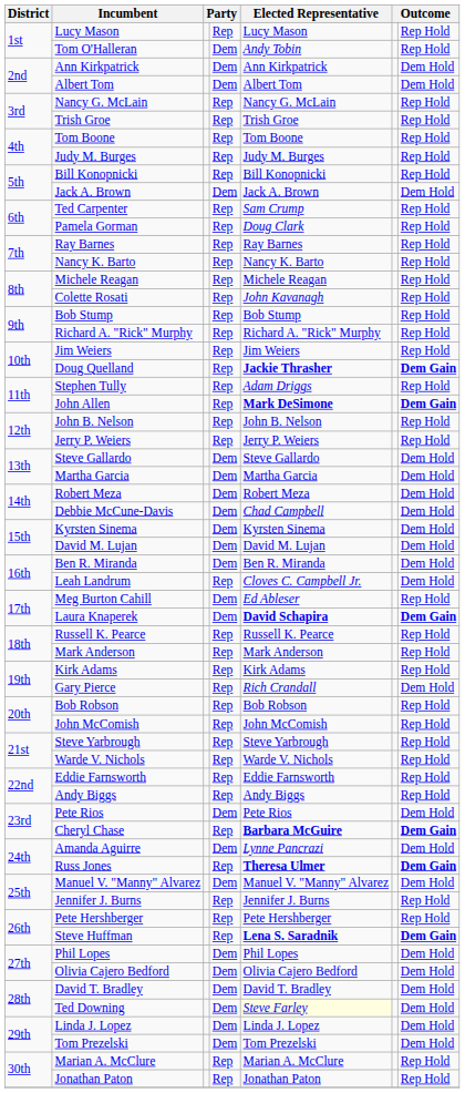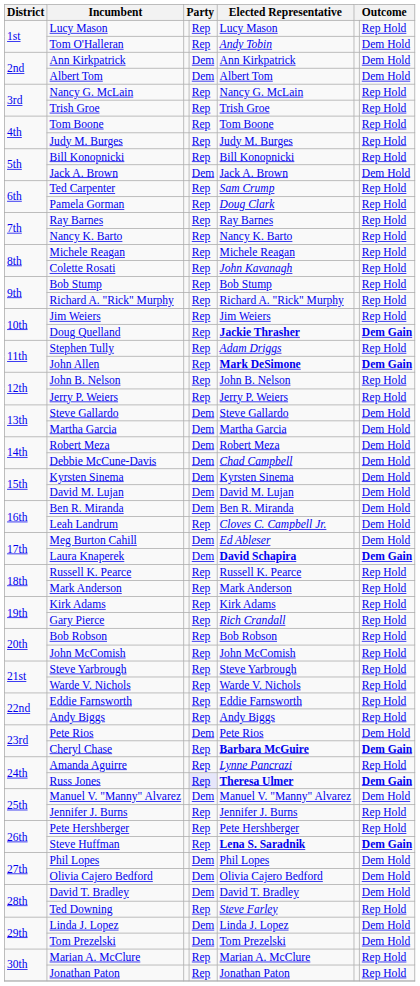 <table class="sortable wikitable" style="font-size:95%;line-height:14px;">
 <tr>
 <th>District</th>
 <th>Incumbent</th>
 <th colspan="2">Party</th>
 <th>Elected Representative</th>
 <th colspan="2">Outcome</th>
 </tr>
 <tr>
 <td rowspan="2"><a href='#'>1st</a></td>
 <td><a href='#'>Lucy Mason</a></td>
 <td style="background:"></td>
 <td><a href='#'>Rep</a></td>
 <td><a href='#'>Lucy Mason</a></td>
 <td style="background:"></td>
 <td><a href='#'>Rep Hold</a></td>
 </tr>
 <tr>
 <td><a href='#'>Tom O'Halleran</a></td>
 <td style="background:"></td>
-<td><a href='#'>Dem</a></td>
+<td><a href='#'>Rep</a></td>
 <td><em><a href='#'>Andy Tobin</a></em></td>
 <td style="background:"></td>
-<td><a href='#'>Rep Hold</a></td>
+<td><a href='#'>Dem Hold</a></td>
 </tr>
 <tr>
 <td rowspan="2"><a href='#'>2nd</a></td>
 <td><a href='#'>Ann Kirkpatrick</a></td>
 <td style="background:"></td>
 <td><a href='#'>Dem</a></td>
 <td><a href='#'>Ann Kirkpatrick</a></td>
 <td style="background:"></td>
 <td><a href='#'>Dem Hold</a></td>
 </tr>
 <tr>
 <td><a href='#'>Albert Tom</a></td>
 <td style="background:"></td>
 <td><a href='#'>Dem</a></td>
 <td><a href='#'>Albert Tom</a></td>
 <td style="background:"></td>
 <td><a href='#'>Dem Hold</a></td>
 </tr>
 <tr>
 <td rowspan="2"><a href='#'>3rd</a></td>
 <td><a href='#'>Nancy G. McLain</a></td>
 <td style="background:"></td>
 <td><a href='#'>Rep</a></td>
 <td><a href='#'>Nancy G. McLain</a></td>
 <td style="background:"></td>
 <td><a href='#'>Rep Hold</a></td>
 </tr>
 <tr>
 <td><a href='#'>Trish Groe</a></td>
 <td style="background:"></td>
 <td><a href='#'>Rep</a></td>
 <td><a href='#'>Trish Groe</a></td>
 <td style="background:"></td>
 <td><a href='#'>Rep Hold</a></td>
 </tr>
 <tr>
 <td rowspan="2"><a href='#'>4th</a></td>
 <td><a href='#'>Tom Boone</a></td>
 <td style="background:"></td>
 <td><a href='#'>Rep</a></td>
 <td><a href='#'>Tom Boone</a></td>
 <td style="background:"></td>
 <td><a href='#'>Rep Hold</a></td>
 </tr>
 <tr>
 <td><a href='#'>Judy M. Burges</a></td>
 <td style="background:"></td>
 <td><a href='#'>Rep</a></td>
 <td><a href='#'>Judy M. Burges</a></td>
 <td style="background:"></td>
 <td><a href='#'>Rep Hold</a></td>
 </tr>
 <tr>
 <td rowspan="2"><a href='#'>5th</a></td>
 <td><a href='#'>Bill Konopnicki</a></td>
 <td style="background:"></td>
 <td><a href='#'>Rep</a></td>
 <td><a href='#'>Bill Konopnicki</a></td>
 <td style="background:"></td>
 <td><a href='#'>Rep Hold</a></td>
 </tr>
 <tr>
 <td><a href='#'>Jack A. Brown</a></td>
 <td style="background:"></td>
 <td><a href='#'>Dem</a></td>
 <td><a href='#'>Jack A. Brown</a></td>
 <td style="background:"></td>
 <td><a href='#'>Dem Hold</a></td>
 </tr>
 <tr>
 <td rowspan="2"><a href='#'>6th</a></td>
 <td><a href='#'>Ted Carpenter</a></td>
 <td style="background:"></td>
 <td><a href='#'>Rep</a></td>
 <td><em><a href='#'>Sam Crump</a></em></td>
 <td style="background:"></td>
 <td><a href='#'>Rep Hold</a></td>
 </tr>
 <tr>
 <td><a href='#'>Pamela Gorman</a></td>
 <td style="background:"></td>
 <td><a href='#'>Rep</a></td>
 <td><em><a href='#'>Doug Clark</a></em></td>
 <td style="background:"></td>
 <td><a href='#'>Rep Hold</a></td>
 </tr>
 <tr>
 <td rowspan="2"><a href='#'>7th</a></td>
 <td><a href='#'>Ray Barnes</a></td>
 <td style="background:"></td>
 <td><a href='#'>Rep</a></td>
 <td><a href='#'>Ray Barnes</a></td>
 <td style="background:"></td>
 <td><a href='#'>Rep Hold</a></td>
 </tr>
 <tr>
 <td><a href='#'>Nancy K. Barto</a></td>
 <td style="background:"></td>
 <td><a href='#'>Rep</a></td>
 <td><a href='#'>Nancy K. Barto</a></td>
 <td style="background:"></td>
 <td><a href='#'>Rep Hold</a></td>
 </tr>
 <tr>
 <td rowspan="2"><a href='#'>8th</a></td>
 <td><a href='#'>Michele Reagan</a></td>
 <td style="background:"></td>
 <td><a href='#'>Rep</a></td>
 <td><a href='#'>Michele Reagan</a></td>
 <td style="background:"></td>
 <td><a href='#'>Rep Hold</a></td>
 </tr>
 <tr>
 <td><a href='#'>Colette Rosati</a></td>
 <td style="background:"></td>
 <td><a href='#'>Rep</a></td>
 <td><em><a href='#'>John Kavanagh</a></em></td>
 <td style="background:"></td>
 <td><a href='#'>Rep Hold</a></td>
 </tr>
 <tr>
 <td rowspan="2"><a href='#'>9th</a></td>
 <td><a href='#'>Bob Stump</a></td>
 <td style="background:"></td>
 <td><a href='#'>Rep</a></td>
 <td><a href='#'>Bob Stump</a></td>
 <td style="background:"></td>
 <td><a href='#'>Rep Hold</a></td>
 </tr>
 <tr>
 <td><a href='#'>Richard A. "Rick" Murphy</a></td>
 <td style="background:"></td>
 <td><a href='#'>Rep</a></td>
 <td><a href='#'>Richard A. "Rick" Murphy</a></td>
 <td style="background:"></td>
 <td><a href='#'>Rep Hold</a></td>
 </tr>
 <tr>
 <td rowspan="2"><a href='#'>10th</a></td>
 <td><a href='#'>Jim Weiers</a></td>
 <td style="background:"></td>
 <td><a href='#'>Rep</a></td>
 <td><a href='#'>Jim Weiers</a></td>
 <td style="background:"></td>
 <td><a href='#'>Rep Hold</a></td>
 </tr>
 <tr>
 <td><a href='#'>Doug Quelland</a></td>
 <td style="background:"></td>
 <td><a href='#'>Rep</a></td>
 <td><strong><a href='#'>Jackie Thrasher</a></strong></td>
 <td style="background:"></td>
 <td><strong><a href='#'>Dem Gain</a></strong></td>
 </tr>
 <tr>
 <td rowspan="2"><a href='#'>11th</a></td>
 <td><a href='#'>Stephen Tully</a></td>
 <td style="background:"></td>
 <td><a href='#'>Rep</a></td>
 <td><em><a href='#'>Adam Driggs</a></em></td>
 <td style="background:"></td>
 <td><a href='#'>Rep Hold</a></td>
 </tr>
 <tr>
 <td><a href='#'>John Allen</a></td>
 <td style="background:"></td>
 <td><a href='#'>Rep</a></td>
 <td><strong><a href='#'>Mark DeSimone</a></strong></td>
 <td style="background:"></td>
 <td><strong><a href='#'>Dem Gain</a></strong></td>
 </tr>
 <tr>
 <td rowspan="2"><a href='#'>12th</a></td>
 <td><a href='#'>John B. Nelson</a></td>
 <td style="background:"></td>
 <td><a href='#'>Rep</a></td>
 <td><a href='#'>John B. Nelson</a></td>
 <td style="background:"></td>
 <td><a href='#'>Rep Hold</a></td>
 </tr>
 <tr>
 <td><a href='#'>Jerry P. Weiers</a></td>
 <td style="background:"></td>
 <td><a href='#'>Rep</a></td>
 <td><a href='#'>Jerry P. Weiers</a></td>
 <td style="background:"></td>
 <td><a href='#'>Rep Hold</a></td>
 </tr>
 <tr>
 <td rowspan="2"><a href='#'>13th</a></td>
 <td><a href='#'>Steve Gallardo</a></td>
 <td style="background:"></td>
 <td><a href='#'>Dem</a></td>
 <td><a href='#'>Steve Gallardo</a></td>
 <td style="background:"></td>
 <td><a href='#'>Dem Hold</a></td>
 </tr>
 <tr>
 <td><a href='#'>Martha Garcia</a></td>
 <td style="background:"></td>
 <td><a href='#'>Dem</a></td>
 <td><a href='#'>Martha Garcia</a></td>
 <td style="background:"></td>
 <td><a href='#'>Dem Hold</a></td>
 </tr>
 <tr>
 <td rowspan="2"><a href='#'>14th</a></td>
 <td><a href='#'>Robert Meza</a></td>
 <td style="background:"></td>
 <td><a href='#'>Dem</a></td>
 <td><a href='#'>Robert Meza</a></td>
 <td style="background:"></td>
 <td><a href='#'>Dem Hold</a></td>
 </tr>
 <tr>
 <td><a href='#'>Debbie McCune-Davis</a></td>
 <td style="background:"></td>
 <td><a href='#'>Dem</a></td>
 <td><em><a href='#'>Chad Campbell</a></em></td>
 <td style="background:"></td>
 <td><a href='#'>Dem Hold</a></td>
 </tr>
 <tr>
 <td rowspan="2"><a href='#'>15th</a></td>
 <td><a href='#'>Kyrsten Sinema</a></td>
 <td style="background:"></td>
 <td><a href='#'>Dem</a></td>
 <td><a href='#'>Kyrsten Sinema</a></td>
 <td style="background:"></td>
 <td><a href='#'>Dem Hold</a></td>
 </tr>
 <tr>
 <td><a href='#'>David M. Lujan</a></td>
 <td style="background:"></td>
 <td><a href='#'>Dem</a></td>
 <td><a href='#'>David M. Lujan</a></td>
 <td style="background:"></td>
 <td><a href='#'>Dem Hold</a></td>
 </tr>
 <tr>
 <td rowspan="2"><a href='#'>16th</a></td>
 <td><a href='#'>Ben R. Miranda</a></td>
 <td style="background:"></td>
 <td><a href='#'>Dem</a></td>
 <td><a href='#'>Ben R. Miranda</a></td>
 <td style="background:"></td>
 <td><a href='#'>Dem Hold</a></td>
 </tr>
 <tr>
 <td><a href='#'>Leah Landrum</a></td>
 <td style="background:"></td>
 <td><a href='#'>Rep</a></td>
 <td><em><a href='#'>Cloves C. Campbell Jr.</a></em></td>
 <td style="background:"></td>
 <td><a href='#'>Dem Hold</a></td>
 </tr>
 <tr>
 <td rowspan="2"><a href='#'>17th</a></td>
 <td><a href='#'>Meg Burton Cahill</a></td>
 <td style="background:"></td>
 <td><a href='#'>Dem</a></td>
 <td><em><a href='#'>Ed Ableser</a></em></td>
 <td style="background:"></td>
-<td><a href='#'>Rep Hold</a></td>
+<td><a href='#'>Dem Hold</a></td>
 </tr>
 <tr>
 <td><a href='#'>Laura Knaperek</a></td>
 <td style="background:"></td>
 <td><a href='#'>Dem</a></td>
 <td><strong><a href='#'>David Schapira</a></strong></td>
 <td style="background:"></td>
 <td><strong><a href='#'>Dem Gain</a></strong></td>
 </tr>
 <tr>
 <td rowspan="2"><a href='#'>18th</a></td>
 <td><a href='#'>Russell K. Pearce</a></td>
 <td style="background:"></td>
 <td><a href='#'>Rep</a></td>
 <td><a href='#'>Russell K. Pearce</a></td>
 <td style="background:"></td>
 <td><a href='#'>Rep Hold</a></td>
 </tr>
 <tr>
 <td><a href='#'>Mark Anderson</a></td>
 <td style="background:"></td>
 <td><a href='#'>Rep</a></td>
 <td><a href='#'>Mark Anderson</a></td>
 <td style="background:"></td>
 <td><a href='#'>Rep Hold</a></td>
 </tr>
 <tr>
 <td rowspan="2"><a href='#'>19th</a></td>
 <td><a href='#'>Kirk Adams</a></td>
 <td style="background:"></td>
 <td><a href='#'>Rep</a></td>
 <td><a href='#'>Kirk Adams</a></td>
 <td style="background:"></td>
 <td><a href='#'>Rep Hold</a></td>
 </tr>
 <tr>
 <td><a href='#'>Gary Pierce</a></td>
 <td style="background:"></td>
 <td><a href='#'>Rep</a></td>
 <td><em><a href='#'>Rich Crandall</a></em></td>
 <td style="background:"></td>
-<td><a href='#'>Dem Hold</a></td>
+<td><a href='#'>Rep Hold</a></td>
 </tr>
 <tr>
 <td rowspan="2"><a href='#'>20th</a></td>
 <td><a href='#'>Bob Robson</a></td>
 <td style="background:"></td>
 <td><a href='#'>Rep</a></td>
 <td><a href='#'>Bob Robson</a></td>
 <td style="background:"></td>
 <td><a href='#'>Rep Hold</a></td>
 </tr>
 <tr>
 <td><a href='#'>John McComish</a></td>
 <td style="background:"></td>
 <td><a href='#'>Rep</a></td>
 <td><a href='#'>John McComish</a></td>
 <td style="background:"></td>
 <td><a href='#'>Rep Hold</a></td>
 </tr>
 <tr>
 <td rowspan="2"><a href='#'>21st</a></td>
 <td><a href='#'>Steve Yarbrough</a></td>
 <td style="background:"></td>
 <td><a href='#'>Rep</a></td>
 <td><a href='#'>Steve Yarbrough</a></td>
 <td style="background:"></td>
 <td><a href='#'>Rep Hold</a></td>
 </tr>
 <tr>
 <td><a href='#'>Warde V. Nichols</a></td>
 <td style="background:"></td>
 <td><a href='#'>Rep</a></td>
 <td><a href='#'>Warde V. Nichols</a></td>
 <td style="background:"></td>
 <td><a href='#'>Rep Hold</a></td>
 </tr>
 <tr>
 <td rowspan="2"><a href='#'>22nd</a></td>
 <td><a href='#'>Eddie Farnsworth</a></td>
 <td style="background:"></td>
 <td><a href='#'>Rep</a></td>
 <td><a href='#'>Eddie Farnsworth</a></td>
 <td style="background:"></td>
 <td><a href='#'>Rep Hold</a></td>
 </tr>
 <tr>
 <td><a href='#'>Andy Biggs</a></td>
 <td style="background:"></td>
 <td><a href='#'>Rep</a></td>
 <td><a href='#'>Andy Biggs</a></td>
 <td style="background:"></td>
 <td><a href='#'>Rep Hold</a></td>
 </tr>
 <tr>
 <td rowspan="2"><a href='#'>23rd</a></td>
 <td><a href='#'>Pete Rios</a></td>
 <td style="background:"></td>
 <td><a href='#'>Dem</a></td>
 <td><a href='#'>Pete Rios</a></td>
 <td style="background:"></td>
 <td><a href='#'>Dem Hold</a></td>
 </tr>
 <tr>
 <td><a href='#'>Cheryl Chase</a></td>
 <td style="background:"></td>
 <td><a href='#'>Rep</a></td>
 <td><strong><a href='#'>Barbara McGuire</a></strong></td>
 <td style="background:"></td>
 <td><strong><a href='#'>Dem Gain</a></strong></td>
 </tr>
 <tr>
 <td rowspan="2"><a href='#'>24th</a></td>
 <td><a href='#'>Amanda Aguirre</a></td>
 <td style="background:"></td>
-<td><a href='#'>Dem</a></td>
+<td><a href='#'>Rep</a></td>
 <td><em><a href='#'>Lynne Pancrazi</a></em></td>
 <td style="background:"></td>
-<td><a href='#'>Dem Hold</a></td>
+<td><a href='#'>Rep Hold</a></td>
 </tr>
 <tr>
 <td><a href='#'>Russ Jones</a></td>
 <td style="background:"></td>
-<td><a href='#'>Rep</a></td>
+<td style="background: lavender;"><a href='#'>Rep</a></td>
 <td><strong><a href='#'>Theresa Ulmer</a></strong></td>
 <td style="background:"></td>
 <td><strong><a href='#'>Dem Gain</a></strong></td>
 </tr>
 <tr>
 <td rowspan="2"><a href='#'>25th</a></td>
 <td><a href='#'>Manuel V. "Manny" Alvarez</a></td>
 <td style="background:"></td>
 <td><a href='#'>Dem</a></td>
 <td><a href='#'>Manuel V. "Manny" Alvarez</a></td>
 <td style="background:"></td>
 <td><a href='#'>Dem Hold</a></td>
 </tr>
 <tr>
 <td><a href='#'>Jennifer J. Burns</a></td>
 <td style="background:"></td>
 <td><a href='#'>Rep</a></td>
 <td><a href='#'>Jennifer J. Burns</a></td>
 <td style="background:"></td>
 <td><a href='#'>Rep Hold</a></td>
 </tr>
 <tr>
 <td rowspan="2"><a href='#'>26th</a></td>
 <td><a href='#'>Pete Hershberger</a></td>
 <td style="background:"></td>
 <td><a href='#'>Rep</a></td>
 <td><a href='#'>Pete Hershberger</a></td>
 <td style="background:"></td>
 <td><a href='#'>Rep Hold</a></td>
 </tr>
 <tr>
 <td><a href='#'>Steve Huffman</a></td>
 <td style="background:"></td>
 <td><a href='#'>Rep</a></td>
 <td><strong><a href='#'>Lena S. Saradnik</a></strong></td>
 <td style="background:"></td>
 <td><strong><a href='#'>Dem Gain</a></strong></td>
 </tr>
 <tr>
 <td rowspan="2"><a href='#'>27th</a></td>
 <td><a href='#'>Phil Lopes</a></td>
 <td style="background:"></td>
 <td><a href='#'>Dem</a></td>
 <td><a href='#'>Phil Lopes</a></td>
 <td style="background:"></td>
 <td><a href='#'>Dem Hold</a></td>
 </tr>
 <tr>
 <td><a href='#'>Olivia Cajero Bedford</a></td>
 <td style="background:"></td>
 <td><a href='#'>Dem</a></td>
 <td><a href='#'>Olivia Cajero Bedford</a></td>
 <td style="background:"></td>
 <td><a href='#'>Dem Hold</a></td>
 </tr>
 <tr>
 <td rowspan="2"><a href='#'>28th</a></td>
 <td><a href='#'>David T. Bradley</a></td>
 <td style="background:"></td>
 <td><a href='#'>Dem</a></td>
 <td><a href='#'>David T. Bradley</a></td>
 <td style="background:"></td>
 <td><a href='#'>Dem Hold</a></td>
 </tr>
 <tr>
 <td><a href='#'>Ted Downing</a></td>
 <td style="background:"></td>
-<td><a href='#'>Dem</a></td>
-<td style="background: lightyellow;"><em><a href='#'>Steve Farley</a></em></td>
+<td><a href='#'>Rep</a></td>
+<td><em><a href='#'>Steve Farley</a></em></td>
 <td style="background:"></td>
-<td><a href='#'>Dem Hold</a></td>
+<td><a href='#'>Rep Hold</a></td>
 </tr>
 <tr>
 <td rowspan="2"><a href='#'>29th</a></td>
 <td><a href='#'>Linda J. Lopez</a></td>
 <td style="background:"></td>
 <td><a href='#'>Dem</a></td>
 <td><a href='#'>Linda J. Lopez</a></td>
 <td style="background:"></td>
 <td><a href='#'>Dem Hold</a></td>
 </tr>
 <tr>
 <td><a href='#'>Tom Prezelski</a></td>
 <td style="background:"></td>
 <td><a href='#'>Dem</a></td>
 <td><a href='#'>Tom Prezelski</a></td>
 <td style="background:"></td>
 <td><a href='#'>Dem Hold</a></td>
 </tr>
 <tr>
 <td rowspan="2"><a href='#'>30th</a></td>
 <td><a href='#'>Marian A. McClure</a></td>
 <td style="background:"></td>
 <td><a href='#'>Rep</a></td>
 <td><a href='#'>Marian A. McClure</a></td>
 <td style="background:"></td>
 <td><a href='#'>Rep Hold</a></td>
 </tr>
 <tr>
 <td><a href='#'>Jonathan Paton</a></td>
 <td style="background:"></td>
 <td><a href='#'>Rep</a></td>
 <td><a href='#'>Jonathan Paton</a></td>
 <td style="background:"></td>
 <td><a href='#'>Rep Hold</a></td>
 </tr>
 <tr>
 </tr>
 </table>
